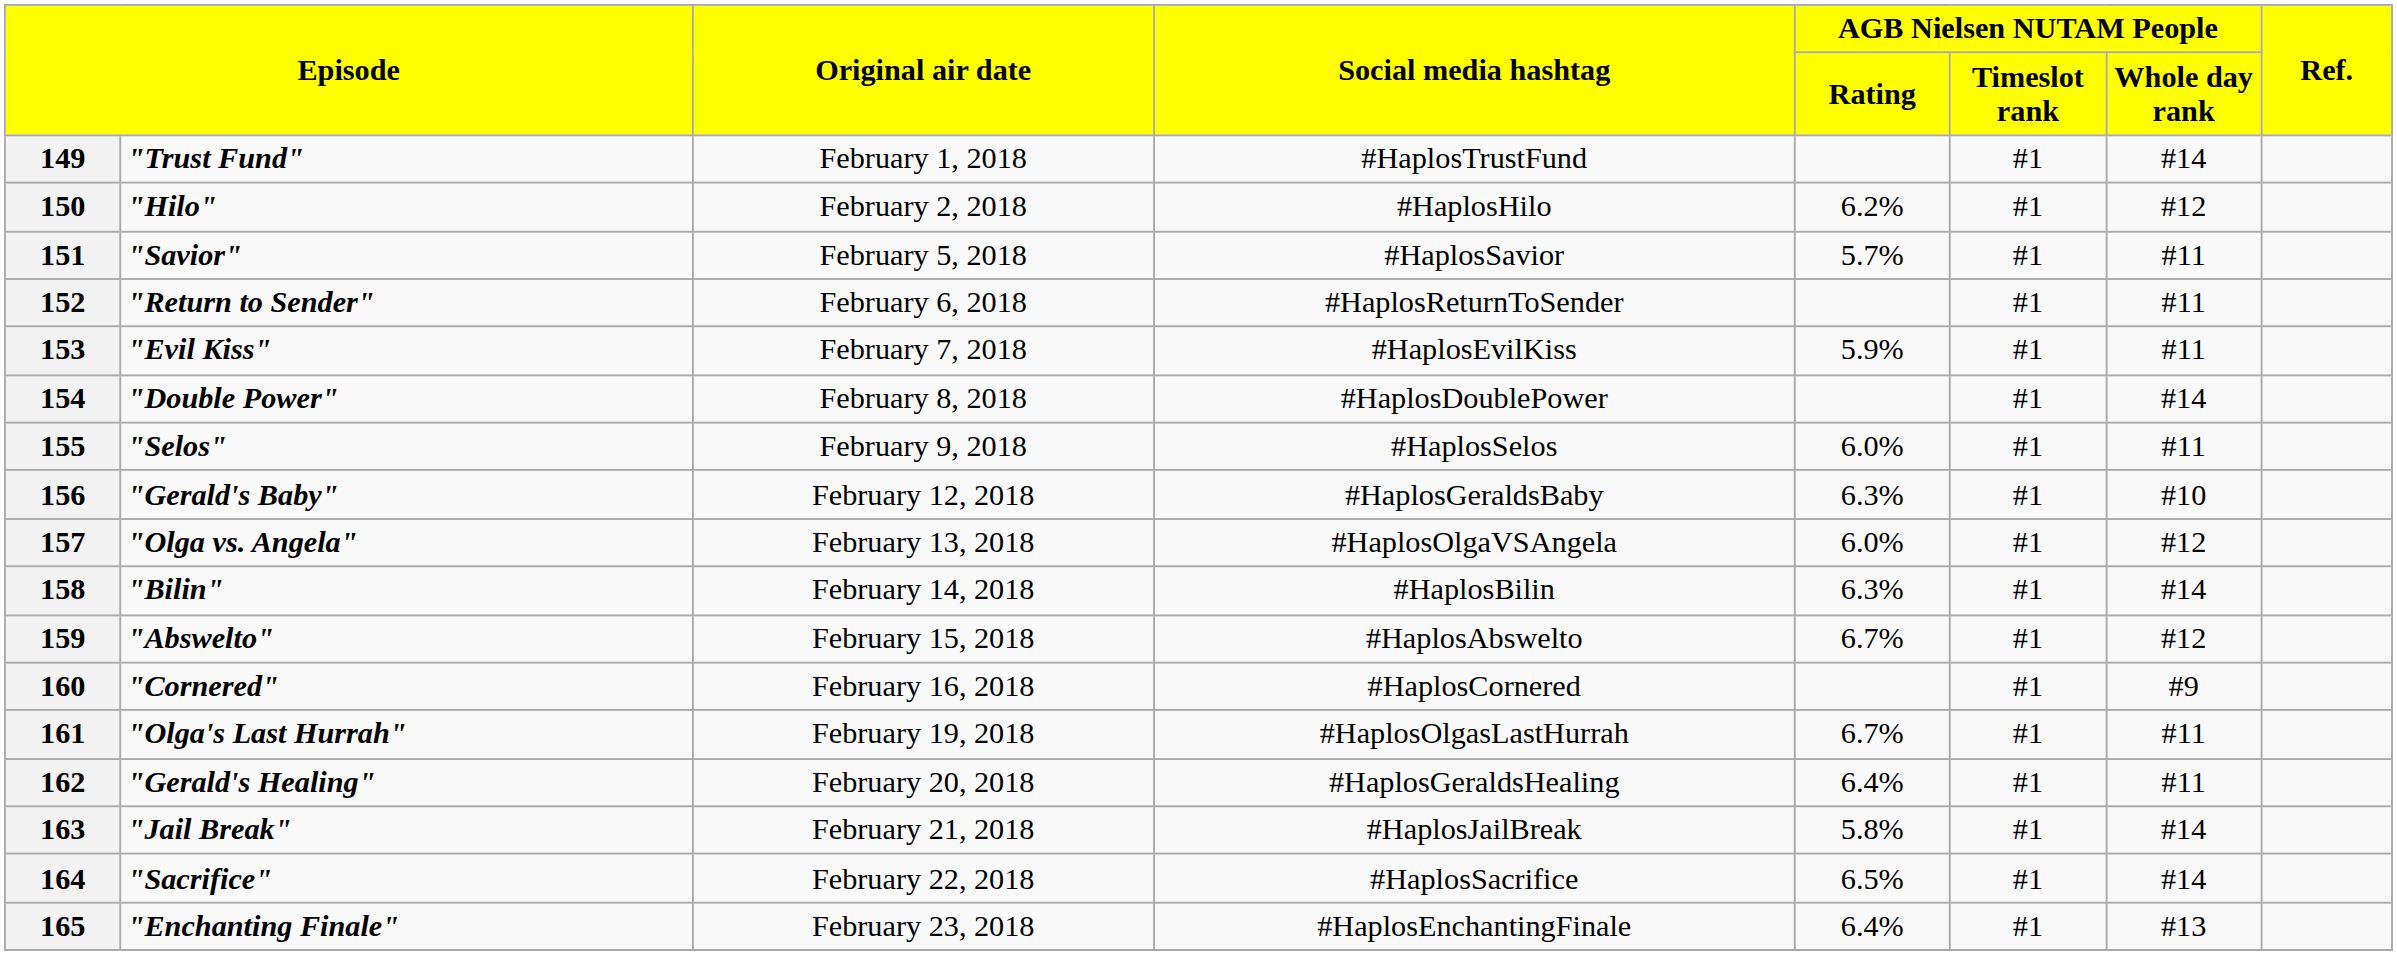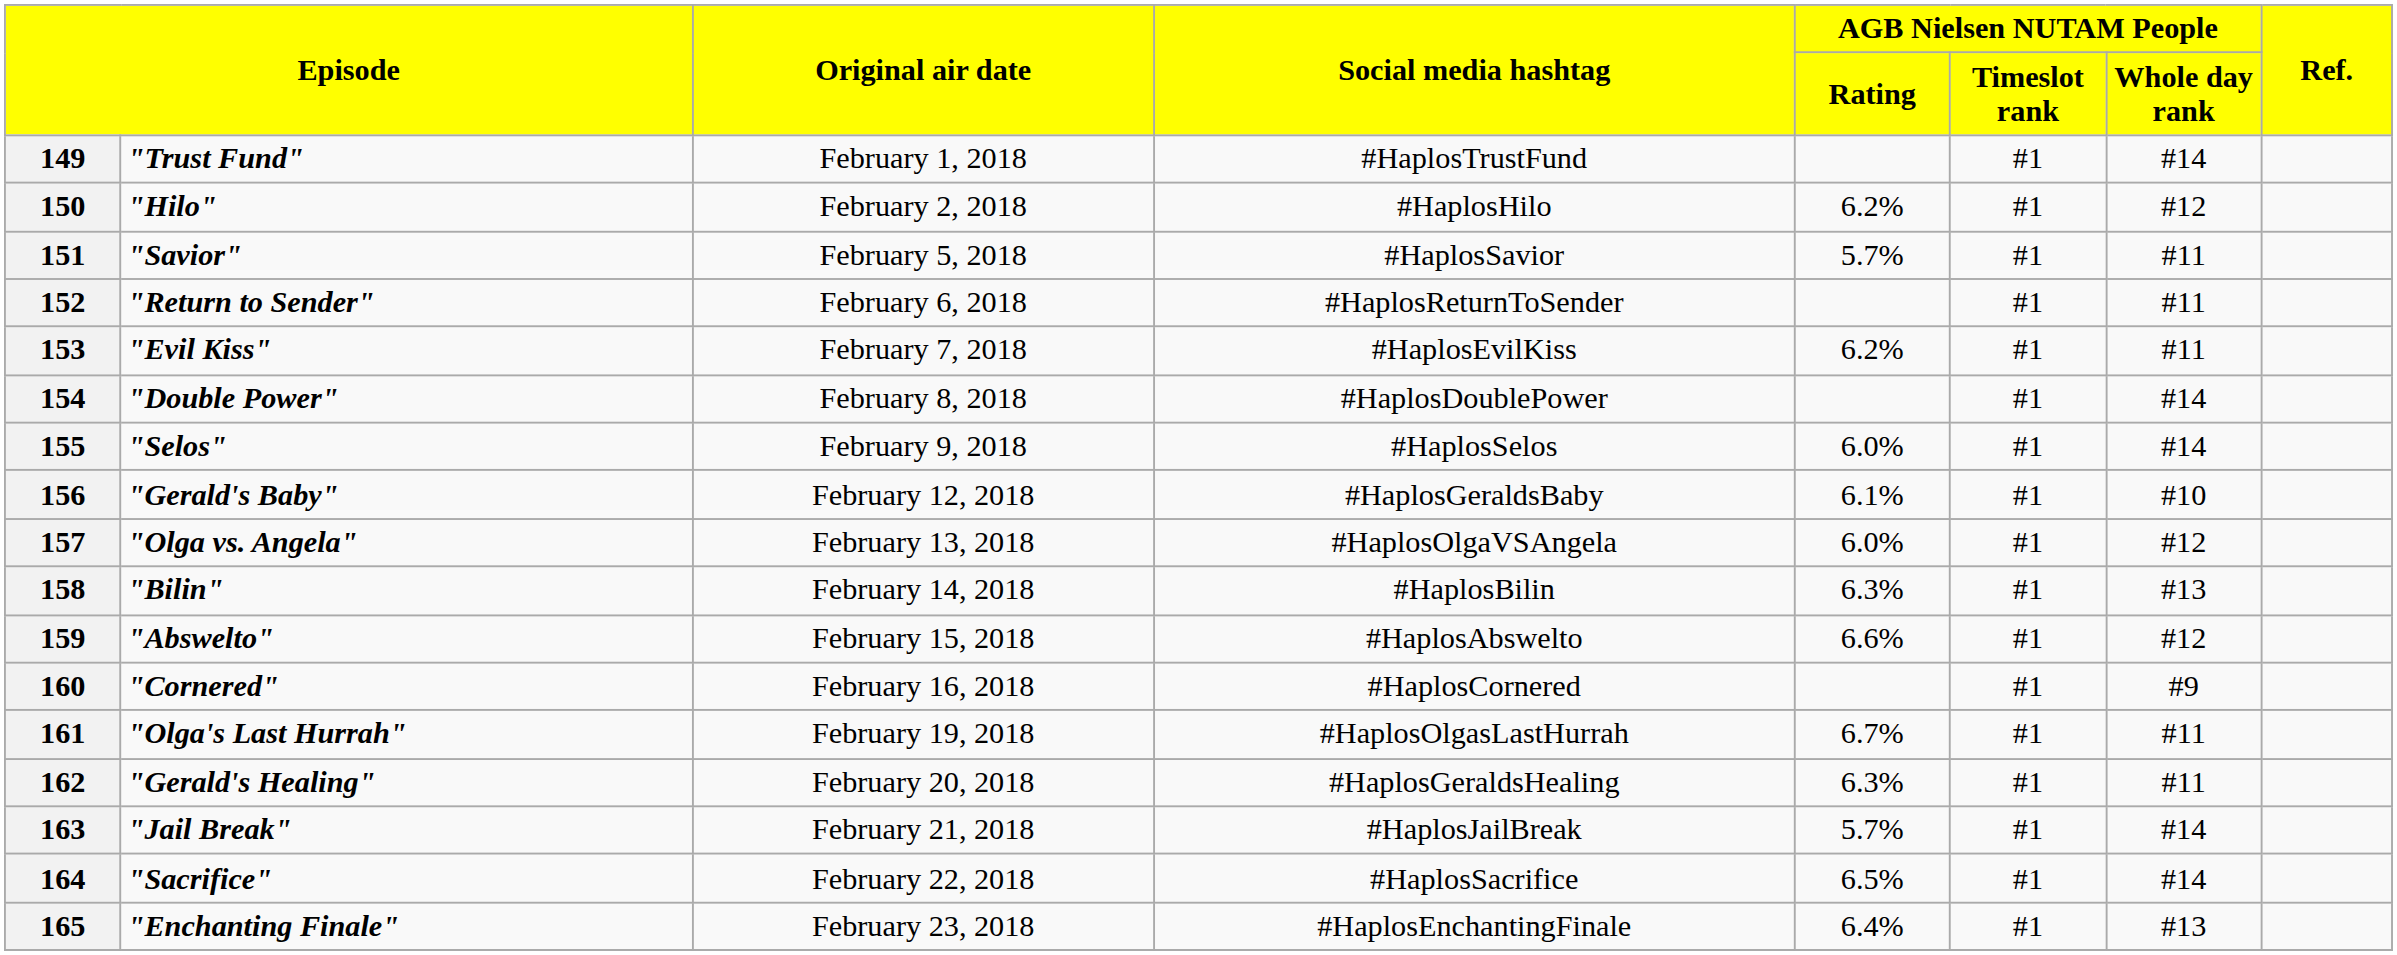 <table class="wikitable" style="text-align:center; font-size:100%; line-height:18px;"  width="100%">
 <tr>
 <th colspan="2" rowspan="2" style="background-color:#FFFF00; color:#000000;">Episode</th>
 <th style="background:#FFFF00; color:black" rowspan="2">Original air date</th>
 <th style="background:#FFFF00; color:black" rowspan="2">Social media hashtag</th>
 <th style="background-color:#FFFF00; color:#000000;" colspan="3">AGB Nielsen NUTAM People</th>
 <th style="background-color:#FFFF00; color:#000000;" rowspan="2">Ref.</th>
 </tr>
 <tr>
 <th style="background-color:#FFFF00; width:75px; color:#000000;">Rating</th>
 <th style="background-color:#FFFF00; width:75px; color:#000000;">Timeslot<br>rank</th>
 <th style="background-color:#FFFF00; width:75px; color:#000000;">Whole day<br>rank</th>
 </tr>
 <tr>
 <th>149</th>
 <td style="text-align: left;"><strong><em>"Trust Fund"</em></strong></td>
 <td>February 1, 2018</td>
 <td>#HaplosTrustFund</td>
 <td></td>
 <td>#1</td>
 <td>#14</td>
 <td></td>
 </tr>
 <tr>
 <th>150</th>
 <td style="text-align: left;"><strong><em>"Hilo"</em></strong></td>
 <td>February 2, 2018</td>
 <td>#HaplosHilo</td>
 <td>6.2%</td>
 <td>#1</td>
 <td>#12</td>
 <td></td>
 </tr>
 <tr>
 <th>151</th>
 <td style="text-align: left;"><strong><em>"Savior"</em></strong></td>
 <td>February 5, 2018</td>
 <td>#HaplosSavior</td>
 <td>5.7%</td>
 <td>#1</td>
 <td>#11</td>
 <td></td>
 </tr>
 <tr>
 <th>152</th>
 <td style="text-align: left;"><strong><em>"Return to Sender"</em></strong></td>
 <td>February 6, 2018</td>
 <td>#HaplosReturnToSender</td>
 <td></td>
 <td>#1</td>
 <td>#11</td>
 <td></td>
 </tr>
 <tr>
 <th>153</th>
 <td style="text-align: left;"><strong><em>"Evil Kiss"</em></strong></td>
 <td>February 7, 2018</td>
 <td>#HaplosEvilKiss</td>
-<td>5.9%</td>
+<td>6.2%</td>
 <td>#1</td>
 <td>#11</td>
 <td></td>
 </tr>
 <tr>
 <th>154</th>
 <td style="text-align: left;"><strong><em>"Double Power"</em></strong></td>
 <td>February 8, 2018</td>
 <td>#HaplosDoublePower</td>
 <td></td>
 <td>#1</td>
 <td>#14</td>
 <td></td>
 </tr>
 <tr>
 <th>155</th>
 <td style="text-align: left;"><strong><em>"Selos"</em></strong></td>
 <td>February 9, 2018</td>
 <td>#HaplosSelos</td>
 <td>6.0%</td>
 <td>#1</td>
-<td>#11</td>
+<td>#14</td>
 <td></td>
 </tr>
 <tr>
 <th>156</th>
 <td style="text-align: left;"><strong><em>"Gerald's Baby"</em></strong></td>
 <td>February 12, 2018</td>
 <td>#HaplosGeraldsBaby</td>
-<td>6.3%</td>
+<td>6.1%</td>
 <td>#1</td>
 <td>#10</td>
 <td></td>
 </tr>
 <tr>
 <th>157</th>
 <td style="text-align: left;"><strong><em>"Olga vs. Angela"</em></strong></td>
 <td>February 13, 2018</td>
 <td>#HaplosOlgaVSAngela</td>
 <td>6.0%</td>
 <td>#1</td>
 <td>#12</td>
 <td></td>
 </tr>
 <tr>
 <th>158</th>
 <td style="text-align: left;"><strong><em>"Bilin"</em></strong></td>
 <td>February 14, 2018</td>
 <td>#HaplosBilin</td>
 <td>6.3%</td>
 <td>#1</td>
-<td>#14</td>
+<td>#13</td>
 <td></td>
 </tr>
 <tr>
 <th>159</th>
 <td style="text-align: left;"><strong><em>"Abswelto"</em></strong></td>
 <td>February 15, 2018</td>
 <td>#HaplosAbswelto</td>
-<td>6.7%</td>
+<td>6.6%</td>
 <td>#1</td>
 <td>#12</td>
 <td></td>
 </tr>
 <tr>
 <th>160</th>
 <td style="text-align: left;"><strong><em>"Cornered"</em></strong></td>
 <td>February 16, 2018</td>
 <td>#HaplosCornered</td>
 <td></td>
 <td>#1</td>
 <td>#9</td>
 <td></td>
 </tr>
 <tr>
 <th>161</th>
 <td style="text-align: left;"><strong><em>"Olga's Last Hurrah"</em></strong></td>
 <td>February 19, 2018</td>
 <td>#HaplosOlgasLastHurrah</td>
 <td>6.7%</td>
 <td>#1</td>
 <td>#11</td>
 <td></td>
 </tr>
 <tr>
 <th>162</th>
 <td style="text-align: left;"><strong><em>"Gerald's Healing"</em></strong></td>
 <td>February 20, 2018</td>
 <td>#HaplosGeraldsHealing</td>
-<td>6.4%</td>
+<td>6.3%</td>
 <td>#1</td>
 <td>#11</td>
 <td></td>
 </tr>
 <tr>
 <th>163</th>
 <td style="text-align: left;"><strong><em>"Jail Break"</em></strong></td>
 <td>February 21, 2018</td>
 <td>#HaplosJailBreak</td>
-<td>5.8%</td>
+<td>5.7%</td>
 <td>#1</td>
 <td>#14</td>
 <td></td>
 </tr>
 <tr>
 <th>164</th>
 <td style="text-align: left;"><strong><em>"Sacrifice"</em></strong></td>
 <td>February 22, 2018</td>
 <td>#HaplosSacrifice</td>
 <td>6.5%</td>
 <td>#1</td>
 <td>#14</td>
 <td></td>
 </tr>
 <tr>
 <th>165</th>
 <td style="text-align: left;"><strong><em>"Enchanting Finale"</em></strong></td>
 <td>February 23, 2018</td>
 <td>#HaplosEnchantingFinale</td>
 <td>6.4%</td>
 <td>#1</td>
 <td>#13</td>
 <td></td>
 </tr>
 <tr>
 </tr>
 </table>
